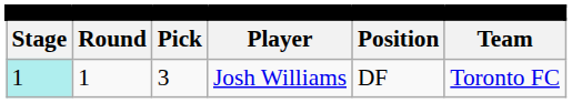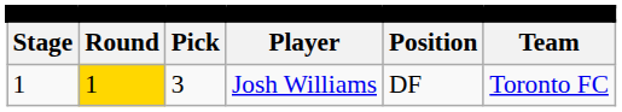 <table class="wikitable sortable" style="text-align:center; font-size:90%; text-align:left;">
 <tr style="border-spacing: 2px; border: 2px solid black;">
 <td colspan="7" bgcolor="#000000" color="#000000" border="#FED000" align="center"><strong></strong></td>
 </tr>
 <tr>
 <th><strong>Stage</strong></th>
 <th><strong>Round</strong></th>
 <th><strong>Pick</strong></th>
 <th><strong>Player</strong></th>
 <th><strong>Position</strong></th>
 <th><strong>Team</strong></th>
 </tr>
 <tr>
-<td style="background: paleturquoise;">1</td>
 <td>1</td>
+<td style="background: gold;">1</td>
 <td>3</td>
 <td> <a href='#'>Josh Williams</a></td>
 <td>DF</td>
 <td><a href='#'>Toronto FC</a></td>
 </tr>
 </table>
